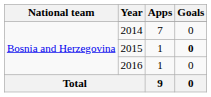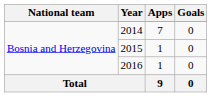 <table class="wikitable" style="text-align:center">
 <tr>
 <th>National team</th>
 <th>Year</th>
 <th>Apps</th>
 <th>Goals</th>
 </tr>
 <tr>
 <td rowspan=4><a href='#'>Bosnia and Herzegovina</a></td>
 </tr>
 <tr>
 <td>2014</td>
 <td>7</td>
 <td>0</td>
 </tr>
 <tr>
 <td>2015</td>
 <td>1</td>
-<td><strong>0</strong></td>
+<td>0</td>
 </tr>
 <tr>
 <td>2016</td>
 <td>1</td>
 <td>0</td>
 </tr>
 <tr>
 <th colspan=2>Total</th>
 <th>9</th>
 <th>0</th>
 </tr>
 </table>
